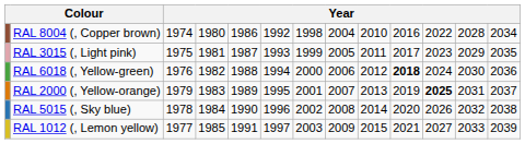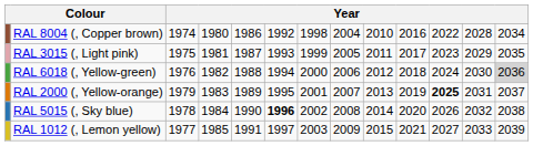 <table class="wikitable">
 <tr>
 <th colspan="2" style="text-align: center;">Colour</th>
 <th colspan="11" style="text-align: center;">Year</th>
 </tr>
 <tr>
 <td style="background-color: #8f4e35;"></td>
 <td><a href='#'>RAL 8004</a> (, Copper brown)</td>
 <td>1974</td>
 <td>1980</td>
 <td>1986</td>
 <td>1992</td>
 <td>1998</td>
 <td>2004</td>
 <td>2010</td>
 <td>2016</td>
 <td>2022</td>
 <td>2028</td>
 <td>2034</td>
 </tr>
 <tr>
 <td style="background-color: #e1a6ad;"></td>
 <td><a href='#'>RAL 3015</a> (, Light pink)</td>
 <td>1975</td>
 <td>1981</td>
 <td>1987</td>
 <td>1993</td>
 <td>1999</td>
 <td>2005</td>
 <td>2011</td>
 <td>2017</td>
 <td>2023</td>
 <td>2029</td>
 <td>2035</td>
 </tr>
 <tr>
 <td style="background-color: #48a43f;"></td>
 <td><a href='#'>RAL 6018</a> (, Yellow-green)</td>
 <td>1976</td>
 <td>1982</td>
 <td>1988</td>
 <td>1994</td>
 <td>2000</td>
 <td>2006</td>
 <td>2012</td>
-<td><strong>2018</strong></td>
+<td>2018</td>
 <td>2024</td>
 <td>2030</td>
-<td>2036</td>
+<td style="background: lightgrey;">2036</td>
 </tr>
 <tr>
 <td style="background-color: #dd7907;"></td>
 <td><a href='#'>RAL 2000</a> (, Yellow-orange)</td>
 <td>1979</td>
 <td>1983</td>
 <td>1989</td>
 <td>1995</td>
 <td>2001</td>
 <td>2007</td>
 <td>2013</td>
 <td>2019</td>
 <td><strong>2025</strong></td>
 <td>2031</td>
 <td>2037</td>
 </tr>
 <tr>
 <td style="background-color: #2874b2;"></td>
 <td><a href='#'>RAL 5015</a> (, Sky blue)</td>
 <td>1978</td>
 <td>1984</td>
 <td>1990</td>
-<td>1996</td>
+<td><strong>1996</strong></td>
 <td>2002</td>
 <td>2008</td>
 <td>2014</td>
 <td>2020</td>
 <td>2026</td>
 <td>2032</td>
 <td>2038</td>
 </tr>
 <tr>
 <td style="background-color: #d9c022;"></td>
 <td><a href='#'>RAL 1012</a> (, Lemon yellow)</td>
 <td>1977</td>
 <td>1985</td>
 <td>1991</td>
 <td>1997</td>
 <td>2003</td>
 <td>2009</td>
 <td>2015</td>
 <td>2021</td>
 <td>2027</td>
 <td>2033</td>
 <td>2039</td>
 </tr>
 </table>
